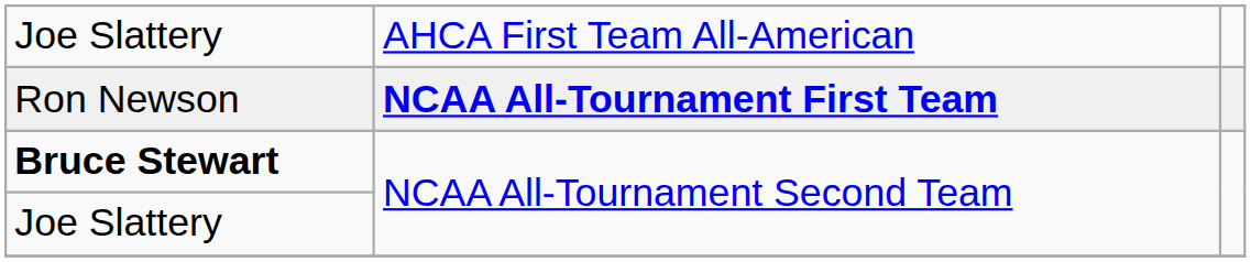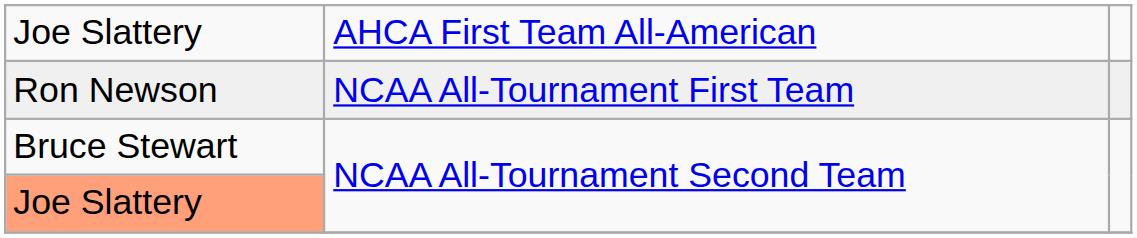 <table class="wikitable" width=40%>
 <tr>
 <td>Joe Slattery</td>
 <td rowspan=1><a href='#'>AHCA First Team All-American</a></td>
 <td rowspan=1></td>
 </tr>
 <tr bgcolor=f0f0f0>
 <td>Ron Newson</td>
-<td rowspan=1><strong><a href='#'>NCAA All-Tournament First Team</a></strong></td>
+<td rowspan=1><a href='#'>NCAA All-Tournament First Team</a></td>
 <td rowspan=1></td>
 </tr>
 <tr>
-<td><strong>Bruce Stewart</strong></td>
+<td>Bruce Stewart</td>
 <td rowspan=2><a href='#'>NCAA All-Tournament Second Team</a></td>
 <td rowspan=2></td>
 </tr>
 <tr>
-<td>Joe Slattery</td>
+<td style="background: lightsalmon;">Joe Slattery</td>
 </tr>
 <tr>
 </tr>
 </table>
